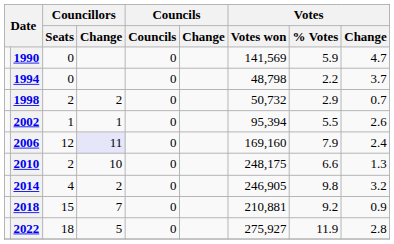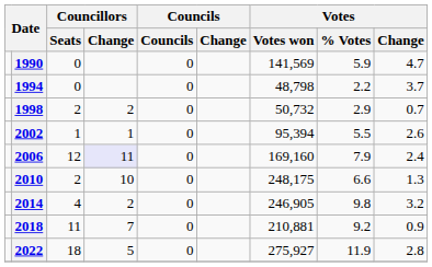 <table class="wikitable" style="text-align:right; font-size:95%;">
 <tr>
 <th colspan="2" rowspan="2">Date</th>
 <th colspan="2">Councillors</th>
 <th colspan="2">Councils</th>
 <th colspan="3">Votes</th>
 </tr>
 <tr>
 <th>Seats</th>
 <th>Change</th>
 <th>Councils</th>
 <th>Change</th>
 <th>Votes won</th>
 <th>% Votes</th>
 <th>Change</th>
 </tr>
 <tr>
 <td></td>
 <th><a href='#'>1990</a></th>
 <td>0</td>
 <td></td>
 <td>0</td>
 <td></td>
 <td>141,569</td>
 <td>5.9</td>
 <td>4.7</td>
 </tr>
 <tr>
 <td></td>
 <th><a href='#'>1994</a></th>
 <td>0</td>
 <td></td>
 <td>0</td>
 <td></td>
 <td>48,798</td>
 <td>2.2</td>
 <td>3.7</td>
 </tr>
 <tr>
 <td></td>
 <th><a href='#'>1998</a></th>
 <td>2</td>
 <td>2</td>
 <td>0</td>
 <td></td>
 <td>50,732</td>
 <td>2.9</td>
 <td>0.7</td>
 </tr>
 <tr>
 <td></td>
 <th><a href='#'>2002</a></th>
 <td>1</td>
 <td>1</td>
 <td>0</td>
 <td></td>
 <td>95,394</td>
 <td>5.5</td>
 <td>2.6</td>
 </tr>
 <tr>
 <td></td>
 <th><a href='#'>2006</a></th>
 <td>12</td>
 <td style="background: lavender;">11</td>
 <td>0</td>
 <td></td>
 <td>169,160</td>
 <td>7.9</td>
 <td>2.4</td>
 </tr>
 <tr>
 <td></td>
 <th><a href='#'>2010</a></th>
 <td>2</td>
 <td>10</td>
 <td>0</td>
 <td></td>
 <td>248,175</td>
 <td>6.6</td>
 <td>1.3</td>
 </tr>
 <tr>
 <td></td>
 <th><a href='#'>2014</a></th>
 <td>4</td>
 <td>2</td>
 <td>0</td>
 <td></td>
 <td>246,905</td>
 <td>9.8</td>
 <td>3.2</td>
 </tr>
 <tr>
 <td></td>
 <th><a href='#'>2018</a></th>
-<td>15</td>
+<td>11</td>
 <td>7</td>
 <td>0</td>
 <td></td>
 <td>210,881</td>
 <td>9.2</td>
 <td>0.9</td>
 </tr>
 <tr>
 <td></td>
 <th><a href='#'>2022</a></th>
 <td>18</td>
 <td>5</td>
 <td>0</td>
 <td></td>
 <td>275,927</td>
 <td>11.9</td>
 <td>2.8</td>
 </tr>
 <tr>
 </tr>
 </table>
